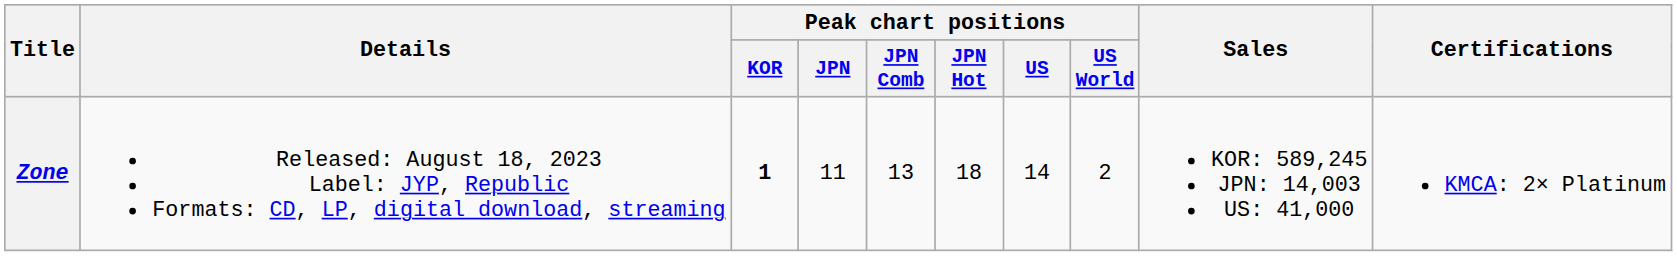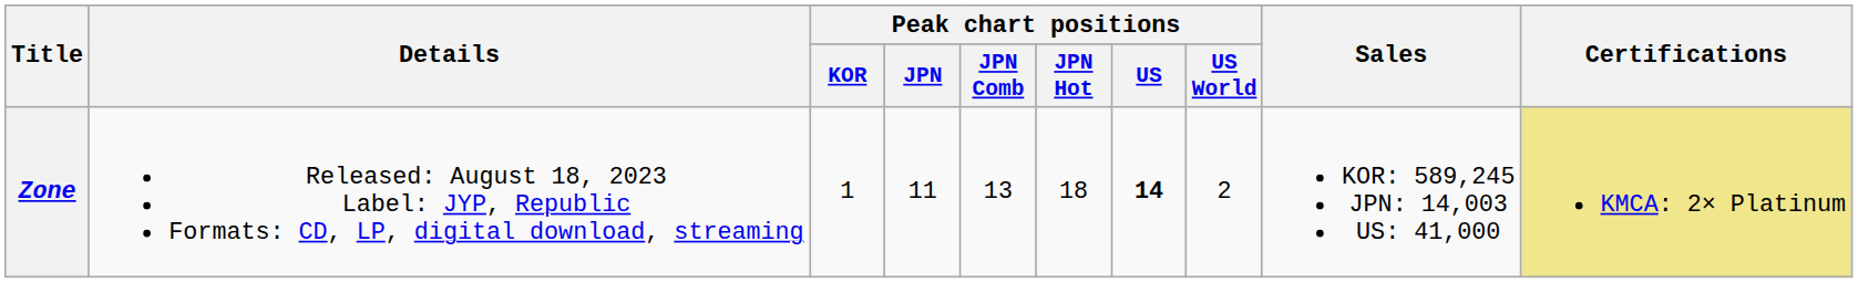 <table class="wikitable plainrowheaders" style="text-align:center">
 <tr>
 <th scope="col" rowspan="2">Title</th>
 <th scope="col" rowspan="2">Details</th>
 <th scope="col" colspan="6">Peak chart positions</th>
 <th scope="col" rowspan="2">Sales</th>
 <th scope="col" rowspan="2">Certifications</th>
 </tr>
 <tr>
 <th scope="col" style="font-size:90%; width:3em"><a href='#'>KOR</a><br></th>
 <th scope="col" style="font-size:90%; width:3em"><a href='#'>JPN</a><br></th>
 <th scope="col" style="width:3em;font-size:90%"><a href='#'>JPN<br>Comb</a><br></th>
 <th scope="col" style="font-size:90%; width:3em"><a href='#'>JPN<br>Hot</a><br></th>
 <th scope="col" style="font-size:90%; width:3em"><a href='#'>US</a><br></th>
 <th scope="col" style="font-size:90%; width:3em"><a href='#'>US<br>World</a><br></th>
 </tr>
 <tr>
 <th scope="row"><em><a href='#'>Zone</a></em></th>
 <td><br><ul><li>Released: August 18, 2023</li><li>Label: <a href='#'>JYP</a>, <a href='#'>Republic</a></li><li>Formats: <a href='#'>CD</a>, <a href='#'>LP</a>, <a href='#'>digital download</a>, <a href='#'>streaming</a></li></ul></td>
-<td><strong>1</strong></td>
+<td>1</td>
 <td>11</td>
 <td>13</td>
 <td>18</td>
-<td>14</td>
+<td><strong>14</strong></td>
 <td>2</td>
 <td><br><ul><li>KOR: 589,245</li><li>JPN: 14,003</li><li>US: 41,000</li></ul></td>
-<td><br><ul><li><a href='#'>KMCA</a>: 2× Platinum</li></ul></td>
+<td style="background: khaki;"><br><ul><li><a href='#'>KMCA</a>: 2× Platinum</li></ul></td>
 </tr>
 </table>
